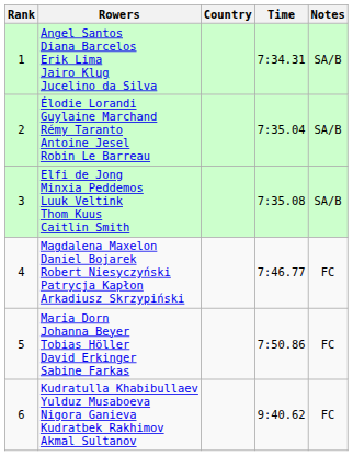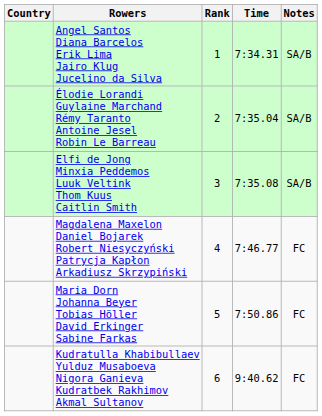 <table class="wikitable" style="text-align:center">
 <tr>
+<th>Country</th>
+<th>Rowers</th>
 <th>Rank</th>
-<th>Rowers</th>
-<th>Country</th>
 <th>Time</th>
 <th>Notes</th>
 </tr>
 <tr bgcolor=ccffcc>
+<td align="left"></td>
+<td align="left"><a href='#'>Angel Santos</a><br><a href='#'>Diana Barcelos</a><br><a href='#'>Erik Lima</a><br><a href='#'>Jairo Klug</a><br><a href='#'>Jucelino da Silva</a></td>
 <td>1</td>
-<td align="left"><a href='#'>Angel Santos</a><br><a href='#'>Diana Barcelos</a><br><a href='#'>Erik Lima</a><br><a href='#'>Jairo Klug</a><br><a href='#'>Jucelino da Silva</a></td>
-<td align="left"></td>
 <td>7:34.31</td>
 <td>SA/B</td>
 </tr>
 <tr bgcolor=ccffcc>
+<td align="left"></td>
+<td align="left"><a href='#'>Élodie Lorandi</a><br><a href='#'>Guylaine Marchand</a><br><a href='#'>Rémy Taranto</a><br><a href='#'>Antoine Jesel</a><br><a href='#'>Robin Le Barreau</a></td>
 <td>2</td>
-<td align="left"><a href='#'>Élodie Lorandi</a><br><a href='#'>Guylaine Marchand</a><br><a href='#'>Rémy Taranto</a><br><a href='#'>Antoine Jesel</a><br><a href='#'>Robin Le Barreau</a></td>
-<td align="left"></td>
 <td>7:35.04</td>
 <td>SA/B</td>
 </tr>
 <tr bgcolor=ccffcc>
+<td align="left"></td>
+<td align="left"><a href='#'>Elfi de Jong</a><br><a href='#'>Minxia Peddemos</a><br><a href='#'>Luuk Veltink</a><br><a href='#'>Thom Kuus</a><br><a href='#'>Caitlin Smith</a></td>
 <td>3</td>
-<td align="left"><a href='#'>Elfi de Jong</a><br><a href='#'>Minxia Peddemos</a><br><a href='#'>Luuk Veltink</a><br><a href='#'>Thom Kuus</a><br><a href='#'>Caitlin Smith</a></td>
-<td align="left"></td>
 <td>7:35.08</td>
 <td>SA/B</td>
 </tr>
 <tr>
+<td align="left"></td>
+<td align="left"><a href='#'>Magdalena Maxelon</a><br><a href='#'>Daniel Bojarek</a><br><a href='#'>Robert Niesyczyński</a><br><a href='#'>Patrycja Kapłon</a><br><a href='#'>Arkadiusz Skrzypiński</a></td>
 <td>4</td>
-<td align="left"><a href='#'>Magdalena Maxelon</a><br><a href='#'>Daniel Bojarek</a><br><a href='#'>Robert Niesyczyński</a><br><a href='#'>Patrycja Kapłon</a><br><a href='#'>Arkadiusz Skrzypiński</a></td>
-<td align="left"></td>
 <td>7:46.77</td>
 <td>FC</td>
 </tr>
 <tr>
+<td align="left"></td>
+<td align="left"><a href='#'>Maria Dorn</a><br><a href='#'>Johanna Beyer</a><br><a href='#'>Tobias Höller</a><br><a href='#'>David Erkinger</a><br><a href='#'>Sabine Farkas</a></td>
 <td>5</td>
-<td align="left"><a href='#'>Maria Dorn</a><br><a href='#'>Johanna Beyer</a><br><a href='#'>Tobias Höller</a><br><a href='#'>David Erkinger</a><br><a href='#'>Sabine Farkas</a></td>
-<td align="left"></td>
 <td>7:50.86</td>
 <td>FC</td>
 </tr>
 <tr>
+<td align="left"></td>
+<td align="left"><a href='#'>Kudratulla Khabibullaev</a><br><a href='#'>Yulduz Musaboeva</a><br><a href='#'>Nigora Ganieva</a><br><a href='#'>Kudratbek Rakhimov</a><br><a href='#'>Akmal Sultanov</a></td>
 <td>6</td>
-<td align="left"><a href='#'>Kudratulla Khabibullaev</a><br><a href='#'>Yulduz Musaboeva</a><br><a href='#'>Nigora Ganieva</a><br><a href='#'>Kudratbek Rakhimov</a><br><a href='#'>Akmal Sultanov</a></td>
-<td align="left"></td>
 <td>9:40.62</td>
 <td>FC</td>
 </tr>
 </table>
